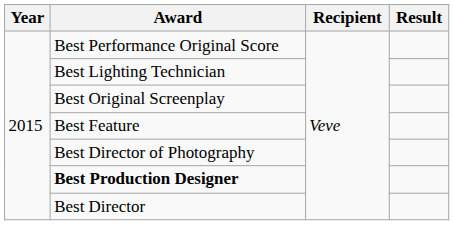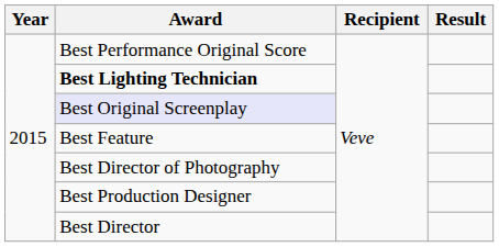 <table class= "wikitable plainrowheaders" width=420px>
 <tr>
 <th>Year</th>
 <th>Award</th>
 <th>Recipient</th>
 <th>Result</th>
 </tr>
 <tr>
 <td rowspan=7>2015</td>
 <td>Best Performance Original Score</td>
 <td rowspan=7><em>Veve</em></td>
 <td></td>
 </tr>
 <tr>
-<td>Best Lighting Technician</td>
+<td><strong>Best Lighting Technician</strong></td>
 <td></td>
 </tr>
 <tr>
-<td>Best Original Screenplay</td>
+<td style="background: lavender;">Best Original Screenplay</td>
 <td></td>
 </tr>
 <tr>
 <td>Best Feature</td>
 <td></td>
 </tr>
 <tr>
 <td>Best Director of Photography</td>
 <td></td>
 </tr>
 <tr>
-<td><strong>Best Production Designer</strong></td>
+<td>Best Production Designer</td>
 <td></td>
 </tr>
 <tr>
 <td>Best Director</td>
 <td></td>
 </tr>
 </table>
